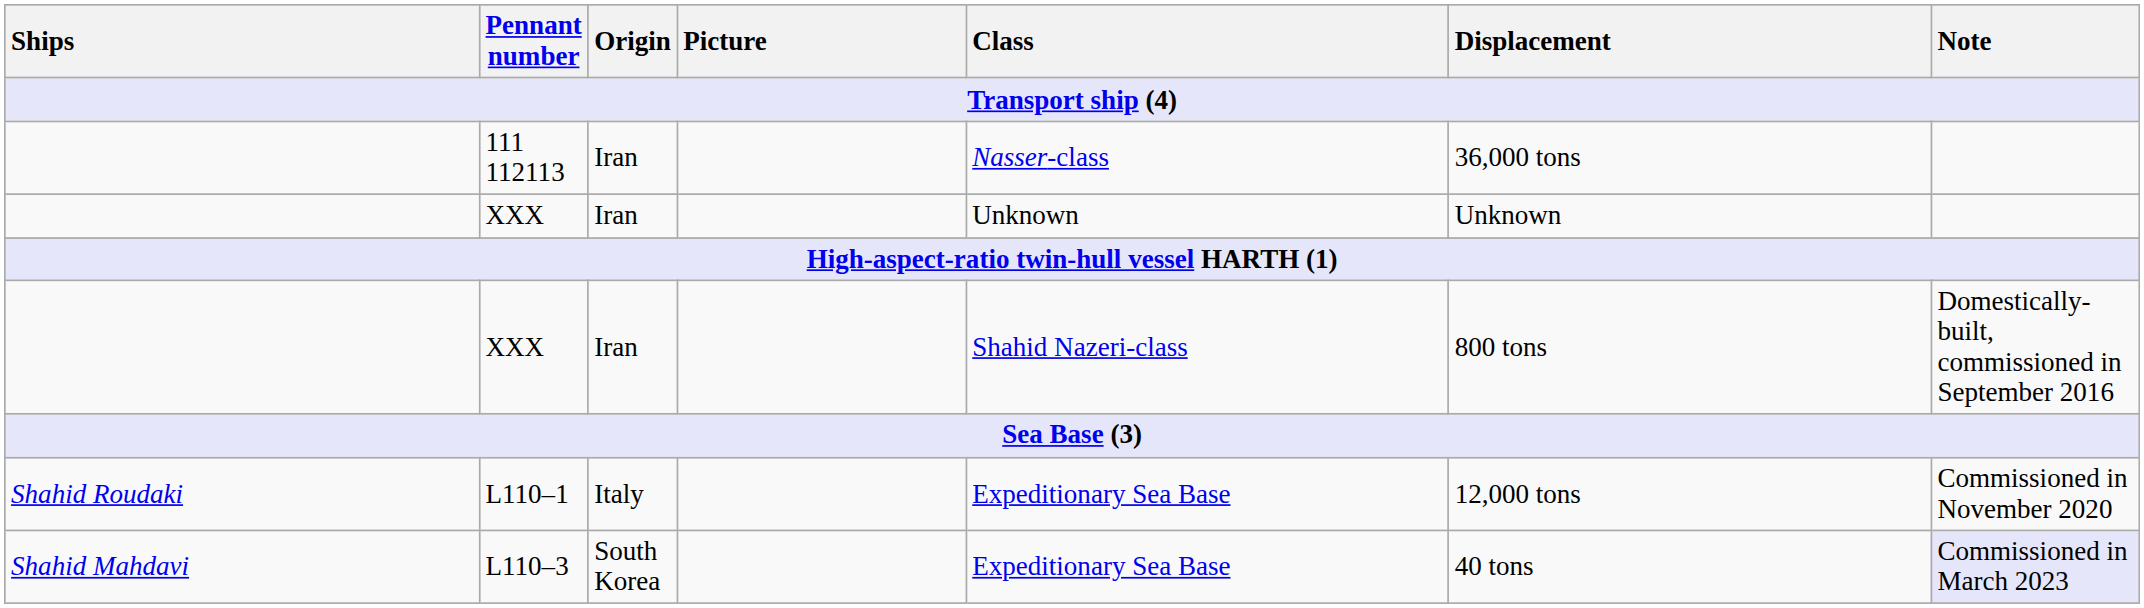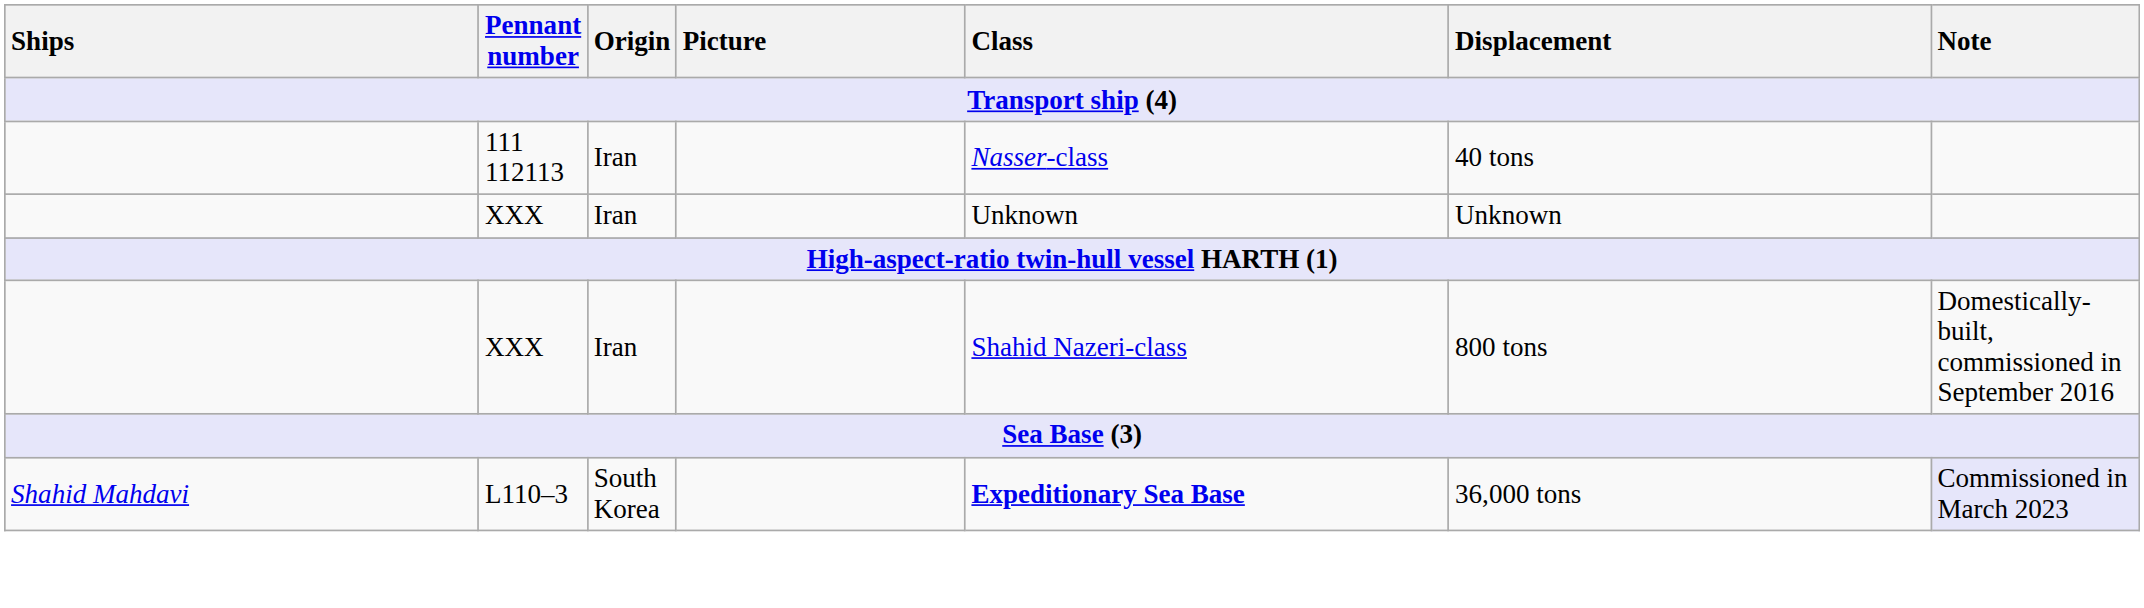 <table class="wikitable" style="margin:auto; width:100%;">
 <tr>
 <th style="text-align:left; width:25%;">Ships</th>
 <th><a href='#'>Pennant number</a></th>
 <th style="text-align:left">Origin</th>
 <th style="text-align:left; width:15%;">Picture</th>
 <th style="text-align:left; width:25%;">Class</th>
 <th style="text-align:left; width:25%;">Displacement</th>
 <th style="text-align:left; width:25%;">Note</th>
 </tr>
 <tr>
 <th colspan="7" style="background: lavender;"><a href='#'>Transport ship</a> (4)</th>
 </tr>
 <tr>
 <td><br></td>
 <td>111<br>112113</td>
 <td>Iran</td>
 <td></td>
 <td><a href='#'><em>Nasser</em>-class</a></td>
-<td>36,000 tons</td>
+<td>40 tons</td>
 <td></td>
 </tr>
 <tr>
 <td></td>
 <td>XXX</td>
 <td>Iran</td>
 <td></td>
 <td>Unknown</td>
 <td>Unknown</td>
 <td></td>
 </tr>
 <tr>
 <th colspan="7" style="background: lavender;"><a href='#'>High-aspect-ratio twin-hull vessel</a> HARTH (1)</th>
 </tr>
 <tr>
 <td></td>
 <td>XXX</td>
 <td>Iran</td>
 <td></td>
 <td><a href='#'>Shahid Nazeri-class</a></td>
 <td>800 tons</td>
 <td>Domestically-built, commissioned in September 2016</td>
 </tr>
 <tr>
 <th colspan="7" style="background: lavender;"><a href='#'>Sea Base</a> (3)</th>
 </tr>
 <tr>
-<td><a href='#'><em>Shahid Roudaki</em></a></td>
-<td>L110–1</td>
-<td>Italy</td>
-<td></td>
-<td><a href='#'>Expeditionary Sea Base</a></td>
-<td>12,000 tons</td>
-<td>Commissioned in November 2020</td>
-</tr>
-<tr>
 <td><a href='#'><em>Shahid Mahdavi</em></a></td>
 <td>L110–3</td>
 <td>South Korea</td>
 <td></td>
-<td><a href='#'>Expeditionary Sea Base</a></td>
-<td>40 tons</td>
+<td><strong><a href='#'>Expeditionary Sea Base</a></strong></td>
+<td>36,000 tons</td>
 <td style="background: lavender;">Commissioned in March 2023</td>
 </tr>
 </table>
